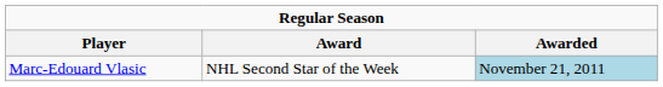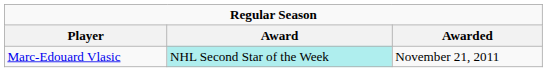 <table class="wikitable" width="52%">
 <tr>
 <td colspan="10" align="center"><strong>Regular Season</strong></td>
 </tr>
 <tr>
 <th>Player</th>
 <th>Award</th>
 <th>Awarded</th>
 </tr>
 <tr>
 <td><a href='#'>Marc-Edouard Vlasic</a></td>
-<td>NHL Second Star of the Week</td>
-<td style="background: lightblue;">November 21, 2011</td>
+<td style="background: paleturquoise;">NHL Second Star of the Week</td>
+<td>November 21, 2011</td>
 </tr>
 </table>
